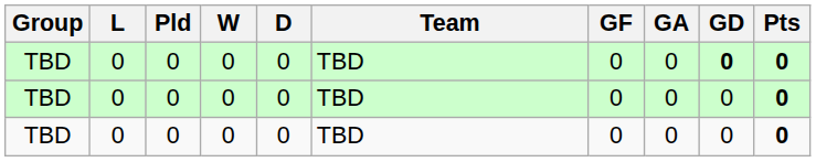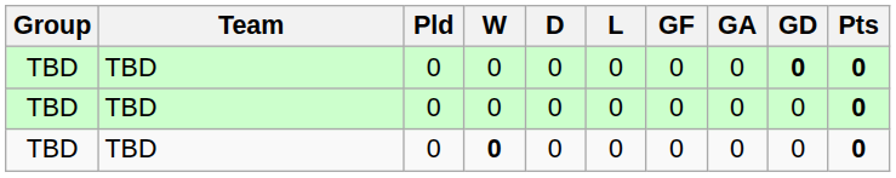 <table class="wikitable" style="text-align: center;">
 <tr>
 <th width="50">Group</th>
-<th width="30">L</th>
+<th width="180">Team</th>
 <th width="30">Pld</th>
 <th width="30">W</th>
 <th width="30">D</th>
-<th width="180">Team</th>
+<th width="30">L</th>
 <th width="30">GF</th>
 <th width="30">GA</th>
 <th width="30">GD</th>
 <th width="30">Pts</th>
 </tr>
 <tr style="background:#ccffcc;">
 <td>TBD</td>
+<td style="text-align:left;">TBD</td>
 <td>0</td>
 <td>0</td>
 <td>0</td>
 <td>0</td>
-<td style="text-align:left;">TBD</td>
 <td>0</td>
 <td>0</td>
 <td><strong>0</strong></td>
 <td><strong>0</strong></td>
 </tr>
 <tr style="background:#ccffcc;">
 <td>TBD</td>
+<td style="text-align:left;">TBD</td>
 <td>0</td>
 <td>0</td>
 <td>0</td>
 <td>0</td>
-<td style="text-align:left;">TBD</td>
 <td>0</td>
 <td>0</td>
 <td>0</td>
 <td><strong>0</strong></td>
 </tr>
 <tr>
 <td>TBD</td>
+<td style="text-align:left;">TBD</td>
+<td>0</td>
+<td><strong>0</strong></td>
 <td>0</td>
 <td>0</td>
-<td>0</td>
-<td>0</td>
-<td style="text-align:left;">TBD</td>
 <td>0</td>
 <td>0</td>
 <td>0</td>
 <td><strong>0</strong></td>
 </tr>
 </table>
